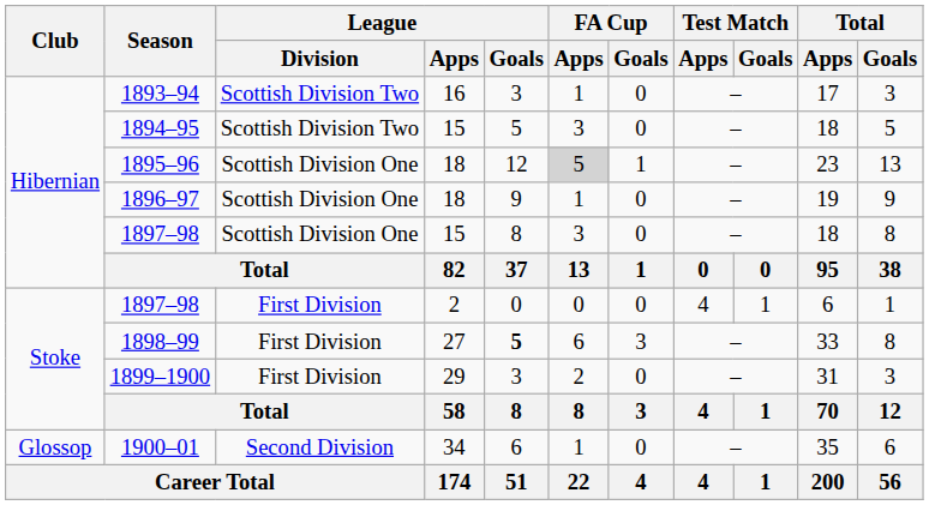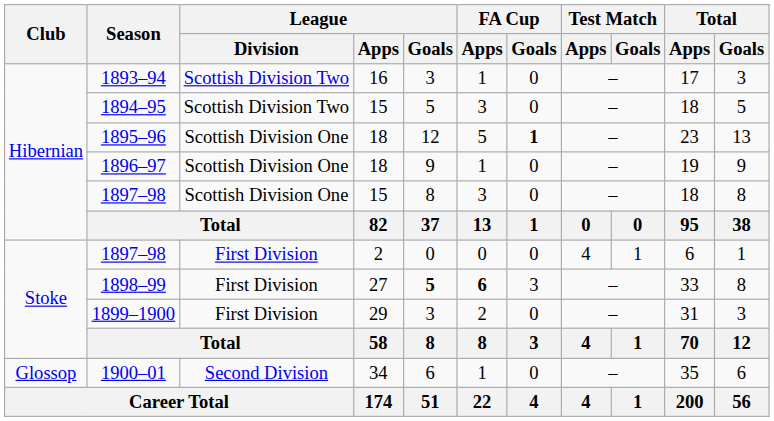 <table class="wikitable" style="text-align: center;">
 <tr>
 <th rowspan="2">Club</th>
 <th rowspan="2">Season</th>
 <th colspan="3">League</th>
 <th colspan="2">FA Cup</th>
 <th colspan="2">Test Match</th>
 <th colspan="2">Total</th>
 </tr>
 <tr>
 <th>Division</th>
 <th>Apps</th>
 <th>Goals</th>
 <th>Apps</th>
 <th>Goals</th>
 <th>Apps</th>
 <th>Goals</th>
 <th>Apps</th>
 <th>Goals</th>
 </tr>
 <tr>
 <td rowspan="6"><a href='#'>Hibernian</a></td>
 <td><a href='#'>1893–94</a></td>
 <td><a href='#'>Scottish Division Two</a></td>
 <td>16</td>
 <td>3</td>
 <td>1</td>
 <td>0</td>
 <td colspan="2">–</td>
 <td>17</td>
 <td>3</td>
 </tr>
 <tr>
 <td><a href='#'>1894–95</a></td>
 <td>Scottish Division Two</td>
 <td>15</td>
 <td>5</td>
 <td>3</td>
 <td>0</td>
 <td colspan="2">–</td>
 <td>18</td>
 <td>5</td>
 </tr>
 <tr>
 <td><a href='#'>1895–96</a></td>
 <td>Scottish Division One</td>
 <td>18</td>
 <td>12</td>
-<td style="background: lightgrey;">5</td>
-<td>1</td>
+<td>5</td>
+<td><strong>1</strong></td>
 <td colspan="2">–</td>
 <td>23</td>
 <td>13</td>
 </tr>
 <tr>
 <td><a href='#'>1896–97</a></td>
 <td>Scottish Division One</td>
 <td>18</td>
 <td>9</td>
 <td>1</td>
 <td>0</td>
 <td colspan="2">–</td>
 <td>19</td>
 <td>9</td>
 </tr>
 <tr>
 <td><a href='#'>1897–98</a></td>
 <td>Scottish Division One</td>
 <td>15</td>
 <td>8</td>
 <td>3</td>
 <td>0</td>
 <td colspan="2">–</td>
 <td>18</td>
 <td>8</td>
 </tr>
 <tr>
 <th colspan=2>Total</th>
 <th>82</th>
 <th>37</th>
 <th>13</th>
 <th>1</th>
 <th>0</th>
 <th>0</th>
 <th>95</th>
 <th>38</th>
 </tr>
 <tr>
 <td rowspan="4"><a href='#'>Stoke</a></td>
 <td><a href='#'>1897–98</a></td>
 <td><a href='#'>First Division</a></td>
 <td>2</td>
 <td>0</td>
 <td>0</td>
 <td>0</td>
 <td>4</td>
 <td>1</td>
 <td>6</td>
 <td>1</td>
 </tr>
 <tr>
 <td><a href='#'>1898–99</a></td>
 <td>First Division</td>
 <td>27</td>
 <td><strong>5</strong></td>
-<td>6</td>
+<td><strong>6</strong></td>
 <td>3</td>
 <td colspan="2">–</td>
 <td>33</td>
 <td>8</td>
 </tr>
 <tr>
 <td><a href='#'>1899–1900</a></td>
 <td>First Division</td>
 <td>29</td>
 <td>3</td>
 <td>2</td>
 <td>0</td>
 <td colspan="2">–</td>
 <td>31</td>
 <td>3</td>
 </tr>
 <tr>
 <th colspan=2>Total</th>
 <th>58</th>
 <th>8</th>
 <th>8</th>
 <th>3</th>
 <th>4</th>
 <th>1</th>
 <th>70</th>
 <th>12</th>
 </tr>
 <tr>
 <td><a href='#'>Glossop</a></td>
 <td><a href='#'>1900–01</a></td>
 <td><a href='#'>Second Division</a></td>
 <td>34</td>
 <td>6</td>
 <td>1</td>
 <td>0</td>
 <td colspan="2">–</td>
 <td>35</td>
 <td>6</td>
 </tr>
 <tr>
 <th colspan="3">Career Total</th>
 <th>174</th>
 <th>51</th>
 <th>22</th>
 <th>4</th>
 <th>4</th>
 <th>1</th>
 <th>200</th>
 <th>56</th>
 </tr>
 </table>
